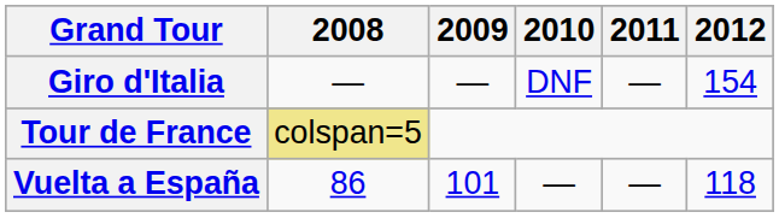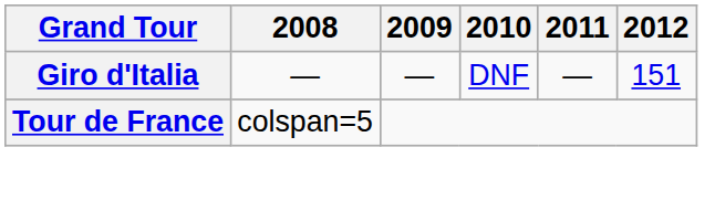 <table class="wikitable plainrowheaders">
 <tr>
 <th scope="col"><a href='#'>Grand Tour</a></th>
 <th scope="col">2008</th>
 <th scope="col">2009</th>
 <th scope="col">2010</th>
 <th scope="col">2011</th>
 <th scope="col">2012</th>
 </tr>
 <tr style="text-align:center;">
 <th scope="row"> <a href='#'>Giro d'Italia</a></th>
 <td>—</td>
 <td>—</td>
 <td style="text-align:center;"><a href='#'>DNF</a></td>
 <td>—</td>
-<td style="text-align:center;"><a href='#'>154</a></td>
+<td style="text-align:center;"><a href='#'>151</a></td>
 </tr>
 <tr style="text-align:center;">
 <th scope="row"> <a href='#'>Tour de France</a></th>
-<td style="background: khaki;">colspan=5 </td>
-</tr>
-<tr style="text-align:center;">
-<th scope="row"> <a href='#'>Vuelta a España</a></th>
-<td style="text-align:center;"><a href='#'>86</a></td>
-<td style="text-align:center;"><a href='#'>101</a></td>
-<td>—</td>
-<td>—</td>
-<td style="text-align:center;"><a href='#'>118</a></td>
+<td>colspan=5 </td>
 </tr>
 </table>
